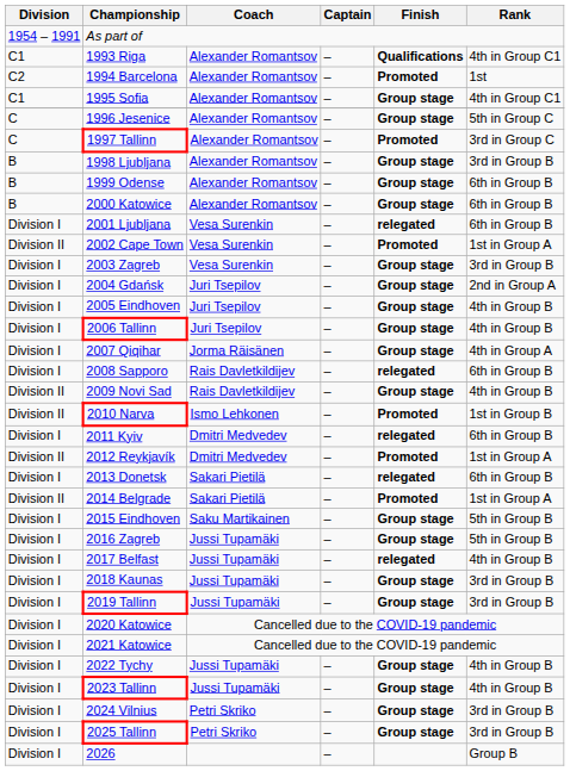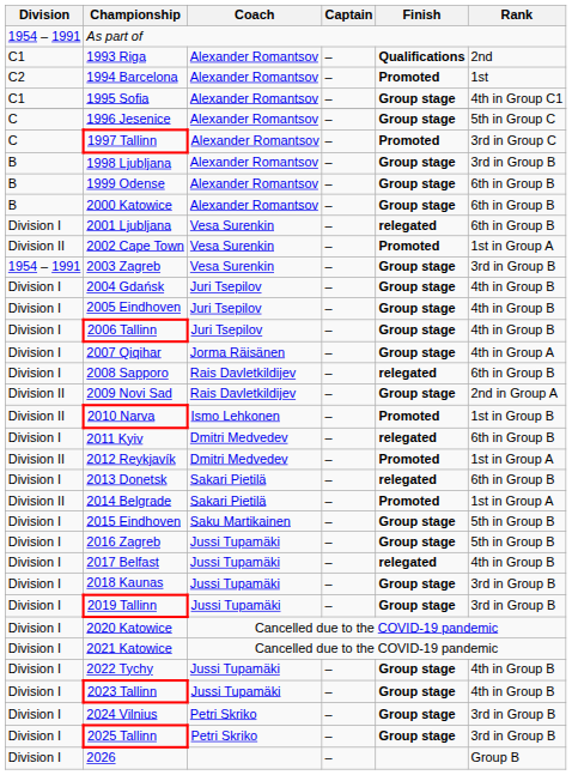 <table class="wikitable sortable">
 <tr>
 <th>Division</th>
 <th>Championship</th>
 <th>Coach</th>
 <th>Captain</th>
 <th>Finish</th>
 <th>Rank</th>
 </tr>
 <tr>
 <td><a href='#'>1954</a> – <a href='#'>1991</a></td>
 <td colspan=11><em>As part of </em></td>
 </tr>
 <tr>
 <td>C1</td>
 <td> <a href='#'>1993 Riga</a></td>
 <td><a href='#'>Alexander Romantsov</a></td>
 <td>–</td>
 <td><strong>Qualifications</strong> </td>
-<td>4th in Group C1</td>
+<td>2nd</td>
 </tr>
 <tr>
 <td>C2</td>
 <td> <a href='#'>1994 Barcelona</a></td>
 <td><a href='#'>Alexander Romantsov</a></td>
 <td>–</td>
 <td><strong>Promoted</strong> </td>
 <td>1st</td>
 </tr>
 <tr>
 <td>C1</td>
 <td> <a href='#'>1995 Sofia</a></td>
 <td><a href='#'>Alexander Romantsov</a></td>
 <td>–</td>
 <td><strong>Group stage</strong> </td>
 <td>4th in Group C1</td>
 </tr>
 <tr>
 </tr>
 <tr>
 <td>C</td>
 <td> <a href='#'>1996 Jesenice</a></td>
 <td><a href='#'>Alexander Romantsov</a></td>
 <td>–</td>
 <td><strong>Group stage</strong> </td>
 <td>5th in Group C</td>
 </tr>
 <tr>
 <td>C</td>
 <td style="border: 3px solid red"> <a href='#'>1997 Tallinn</a></td>
 <td><a href='#'>Alexander Romantsov</a></td>
 <td>–</td>
 <td><strong>Promoted</strong> </td>
 <td>3rd in Group C</td>
 </tr>
 <tr>
 <td>B</td>
 <td> <a href='#'>1998 Ljubljana</a></td>
 <td><a href='#'>Alexander Romantsov</a></td>
 <td>–</td>
 <td><strong>Group stage</strong> </td>
 <td>3rd in Group B</td>
 </tr>
 <tr>
 <td>B</td>
 <td> <a href='#'>1999 Odense</a></td>
 <td><a href='#'>Alexander Romantsov</a></td>
 <td>–</td>
 <td><strong>Group stage</strong> </td>
 <td>6th in Group B</td>
 </tr>
 <tr>
 <td>B</td>
 <td> <a href='#'>2000 Katowice</a></td>
 <td><a href='#'>Alexander Romantsov</a></td>
 <td>–</td>
 <td><strong>Group stage</strong> </td>
 <td>6th in Group B</td>
 </tr>
 <tr>
 <td>Division I</td>
 <td> <a href='#'>2001 Ljubljana</a></td>
 <td> <a href='#'>Vesa Surenkin</a></td>
 <td>–</td>
 <td><strong>relegated</strong> </td>
 <td>6th in Group B</td>
 </tr>
 <tr>
 <td>Division II</td>
 <td> <a href='#'>2002 Cape Town</a></td>
 <td> <a href='#'>Vesa Surenkin</a></td>
 <td>–</td>
 <td><strong>Promoted</strong> </td>
 <td>1st in Group A</td>
 </tr>
 <tr>
-<td>Division I</td>
+<td><a href='#'>1954</a> – <a href='#'>1991</a></td>
 <td> <a href='#'>2003 Zagreb</a></td>
 <td> <a href='#'>Vesa Surenkin</a></td>
 <td>–</td>
 <td><strong>Group stage</strong> </td>
 <td>3rd in Group B</td>
 </tr>
 <tr>
 <td>Division I</td>
 <td> <a href='#'>2004 Gdańsk</a></td>
 <td><a href='#'>Juri Tsepilov</a></td>
 <td>–</td>
 <td><strong>Group stage</strong> </td>
-<td>2nd in Group A</td>
+<td>4th in Group B</td>
 </tr>
 <tr>
 <td>Division I</td>
 <td> <a href='#'>2005 Eindhoven</a></td>
 <td><a href='#'>Juri Tsepilov</a></td>
 <td>–</td>
 <td><strong>Group stage</strong> </td>
 <td>4th in Group B</td>
 </tr>
 <tr>
 <td>Division I</td>
 <td style="border: 3px solid red"> <a href='#'>2006 Tallinn</a></td>
 <td><a href='#'>Juri Tsepilov</a></td>
 <td>–</td>
 <td><strong>Group stage</strong> </td>
 <td>4th in Group B</td>
 </tr>
 <tr>
 <td>Division I</td>
 <td> <a href='#'>2007 Qiqihar</a></td>
 <td> <a href='#'>Jorma Räisänen</a></td>
 <td>–</td>
 <td><strong>Group stage</strong> </td>
 <td>4th in Group A</td>
 </tr>
 <tr>
 <td>Division I</td>
 <td> <a href='#'>2008 Sapporo</a></td>
 <td><a href='#'>Rais Davletkildijev</a></td>
 <td>–</td>
 <td><strong>relegated</strong> </td>
 <td>6th in Group B</td>
 </tr>
 <tr>
 <td>Division II</td>
 <td> <a href='#'>2009 Novi Sad</a></td>
 <td><a href='#'>Rais Davletkildijev</a></td>
 <td>–</td>
 <td><strong>Group stage</strong> </td>
-<td>4th in Group B</td>
+<td>2nd in Group A</td>
 </tr>
 <tr>
 <td>Division II</td>
 <td style="border: 3px solid red"> <a href='#'>2010 Narva</a></td>
 <td> <a href='#'>Ismo Lehkonen</a></td>
 <td>–</td>
 <td><strong>Promoted</strong> </td>
 <td>1st in Group B</td>
 </tr>
 <tr>
 <td>Division I</td>
 <td> <a href='#'>2011 Kyiv</a></td>
 <td><a href='#'>Dmitri Medvedev</a></td>
 <td>–</td>
 <td><strong>relegated</strong> </td>
 <td>6th in Group B</td>
 </tr>
 <tr>
 <td>Division II</td>
 <td> <a href='#'>2012 Reykjavík</a></td>
 <td><a href='#'>Dmitri Medvedev</a></td>
 <td>–</td>
 <td><strong>Promoted</strong> </td>
 <td>1st in Group A</td>
 </tr>
 <tr>
 <td>Division I</td>
 <td> <a href='#'>2013 Donetsk</a></td>
 <td> <a href='#'>Sakari Pietilä</a></td>
 <td>–</td>
 <td><strong>relegated</strong> </td>
 <td>6th in Group B</td>
 </tr>
 <tr>
 <td>Division II</td>
 <td> <a href='#'>2014 Belgrade</a></td>
 <td> <a href='#'>Sakari Pietilä</a></td>
 <td>–</td>
 <td><strong>Promoted</strong> </td>
 <td>1st in Group A</td>
 </tr>
 <tr>
 <td>Division I</td>
 <td> <a href='#'>2015 Eindhoven</a></td>
 <td> <a href='#'>Saku Martikainen</a></td>
 <td>–</td>
 <td><strong>Group stage</strong> </td>
 <td>5th in Group B</td>
 </tr>
 <tr>
 <td>Division I</td>
 <td> <a href='#'>2016 Zagreb</a></td>
 <td> <a href='#'>Jussi Tupamäki</a></td>
 <td>–</td>
 <td><strong>Group stage</strong> </td>
 <td>5th in Group B</td>
 </tr>
 <tr>
 <td>Division I</td>
 <td> <a href='#'>2017 Belfast</a></td>
 <td> <a href='#'>Jussi Tupamäki</a></td>
 <td>–</td>
 <td><strong>relegated</strong> </td>
 <td>4th in Group B</td>
 </tr>
 <tr>
 <td>Division I</td>
 <td> <a href='#'>2018 Kaunas</a></td>
 <td> <a href='#'>Jussi Tupamäki</a></td>
 <td>–</td>
 <td><strong>Group stage</strong> </td>
 <td>3rd in Group B</td>
 </tr>
 <tr>
 <td>Division I</td>
 <td style="border: 3px solid red"> <a href='#'>2019 Tallinn</a></td>
 <td> <a href='#'>Jussi Tupamäki</a></td>
 <td>–</td>
 <td><strong>Group stage</strong> </td>
 <td>3rd in Group B</td>
 </tr>
 <tr>
 <td>Division I</td>
 <td> <a href='#'>2020 Katowice</a></td>
 <td colspan=4 align=center>Cancelled due to the <a href='#'>COVID-19 pandemic</a></td>
 </tr>
 <tr>
 <td>Division I</td>
 <td> <a href='#'>2021 Katowice</a></td>
 <td colspan=4 align=center>Cancelled due to the COVID-19 pandemic</td>
 </tr>
 <tr>
 <td>Division I</td>
 <td> <a href='#'>2022 Tychy</a></td>
 <td> <a href='#'>Jussi Tupamäki</a></td>
 <td>–</td>
 <td><strong>Group stage</strong> </td>
 <td>4th in Group B</td>
 </tr>
 <tr>
 <td>Division I</td>
 <td style="border: 3px solid red"> <a href='#'>2023 Tallinn</a></td>
 <td> <a href='#'>Jussi Tupamäki</a></td>
 <td>–</td>
 <td><strong>Group stage</strong> </td>
 <td>4th in Group B</td>
 </tr>
 <tr>
 <td>Division I</td>
 <td> <a href='#'>2024 Vilnius</a></td>
 <td> <a href='#'>Petri Skriko</a></td>
 <td>–</td>
 <td><strong>Group stage</strong> </td>
 <td>3rd in Group B</td>
 </tr>
 <tr>
 <td>Division I</td>
 <td style="border: 3px solid red"> <a href='#'>2025 Tallinn</a></td>
 <td> <a href='#'>Petri Skriko</a></td>
 <td>–</td>
 <td><strong>Group stage</strong> </td>
 <td>3rd in Group B</td>
 </tr>
 <tr>
 <td>Division I</td>
 <td> <a href='#'>2026</a></td>
 <td></td>
 <td>–</td>
 <td></td>
 <td>Group B</td>
 </tr>
 </table>
